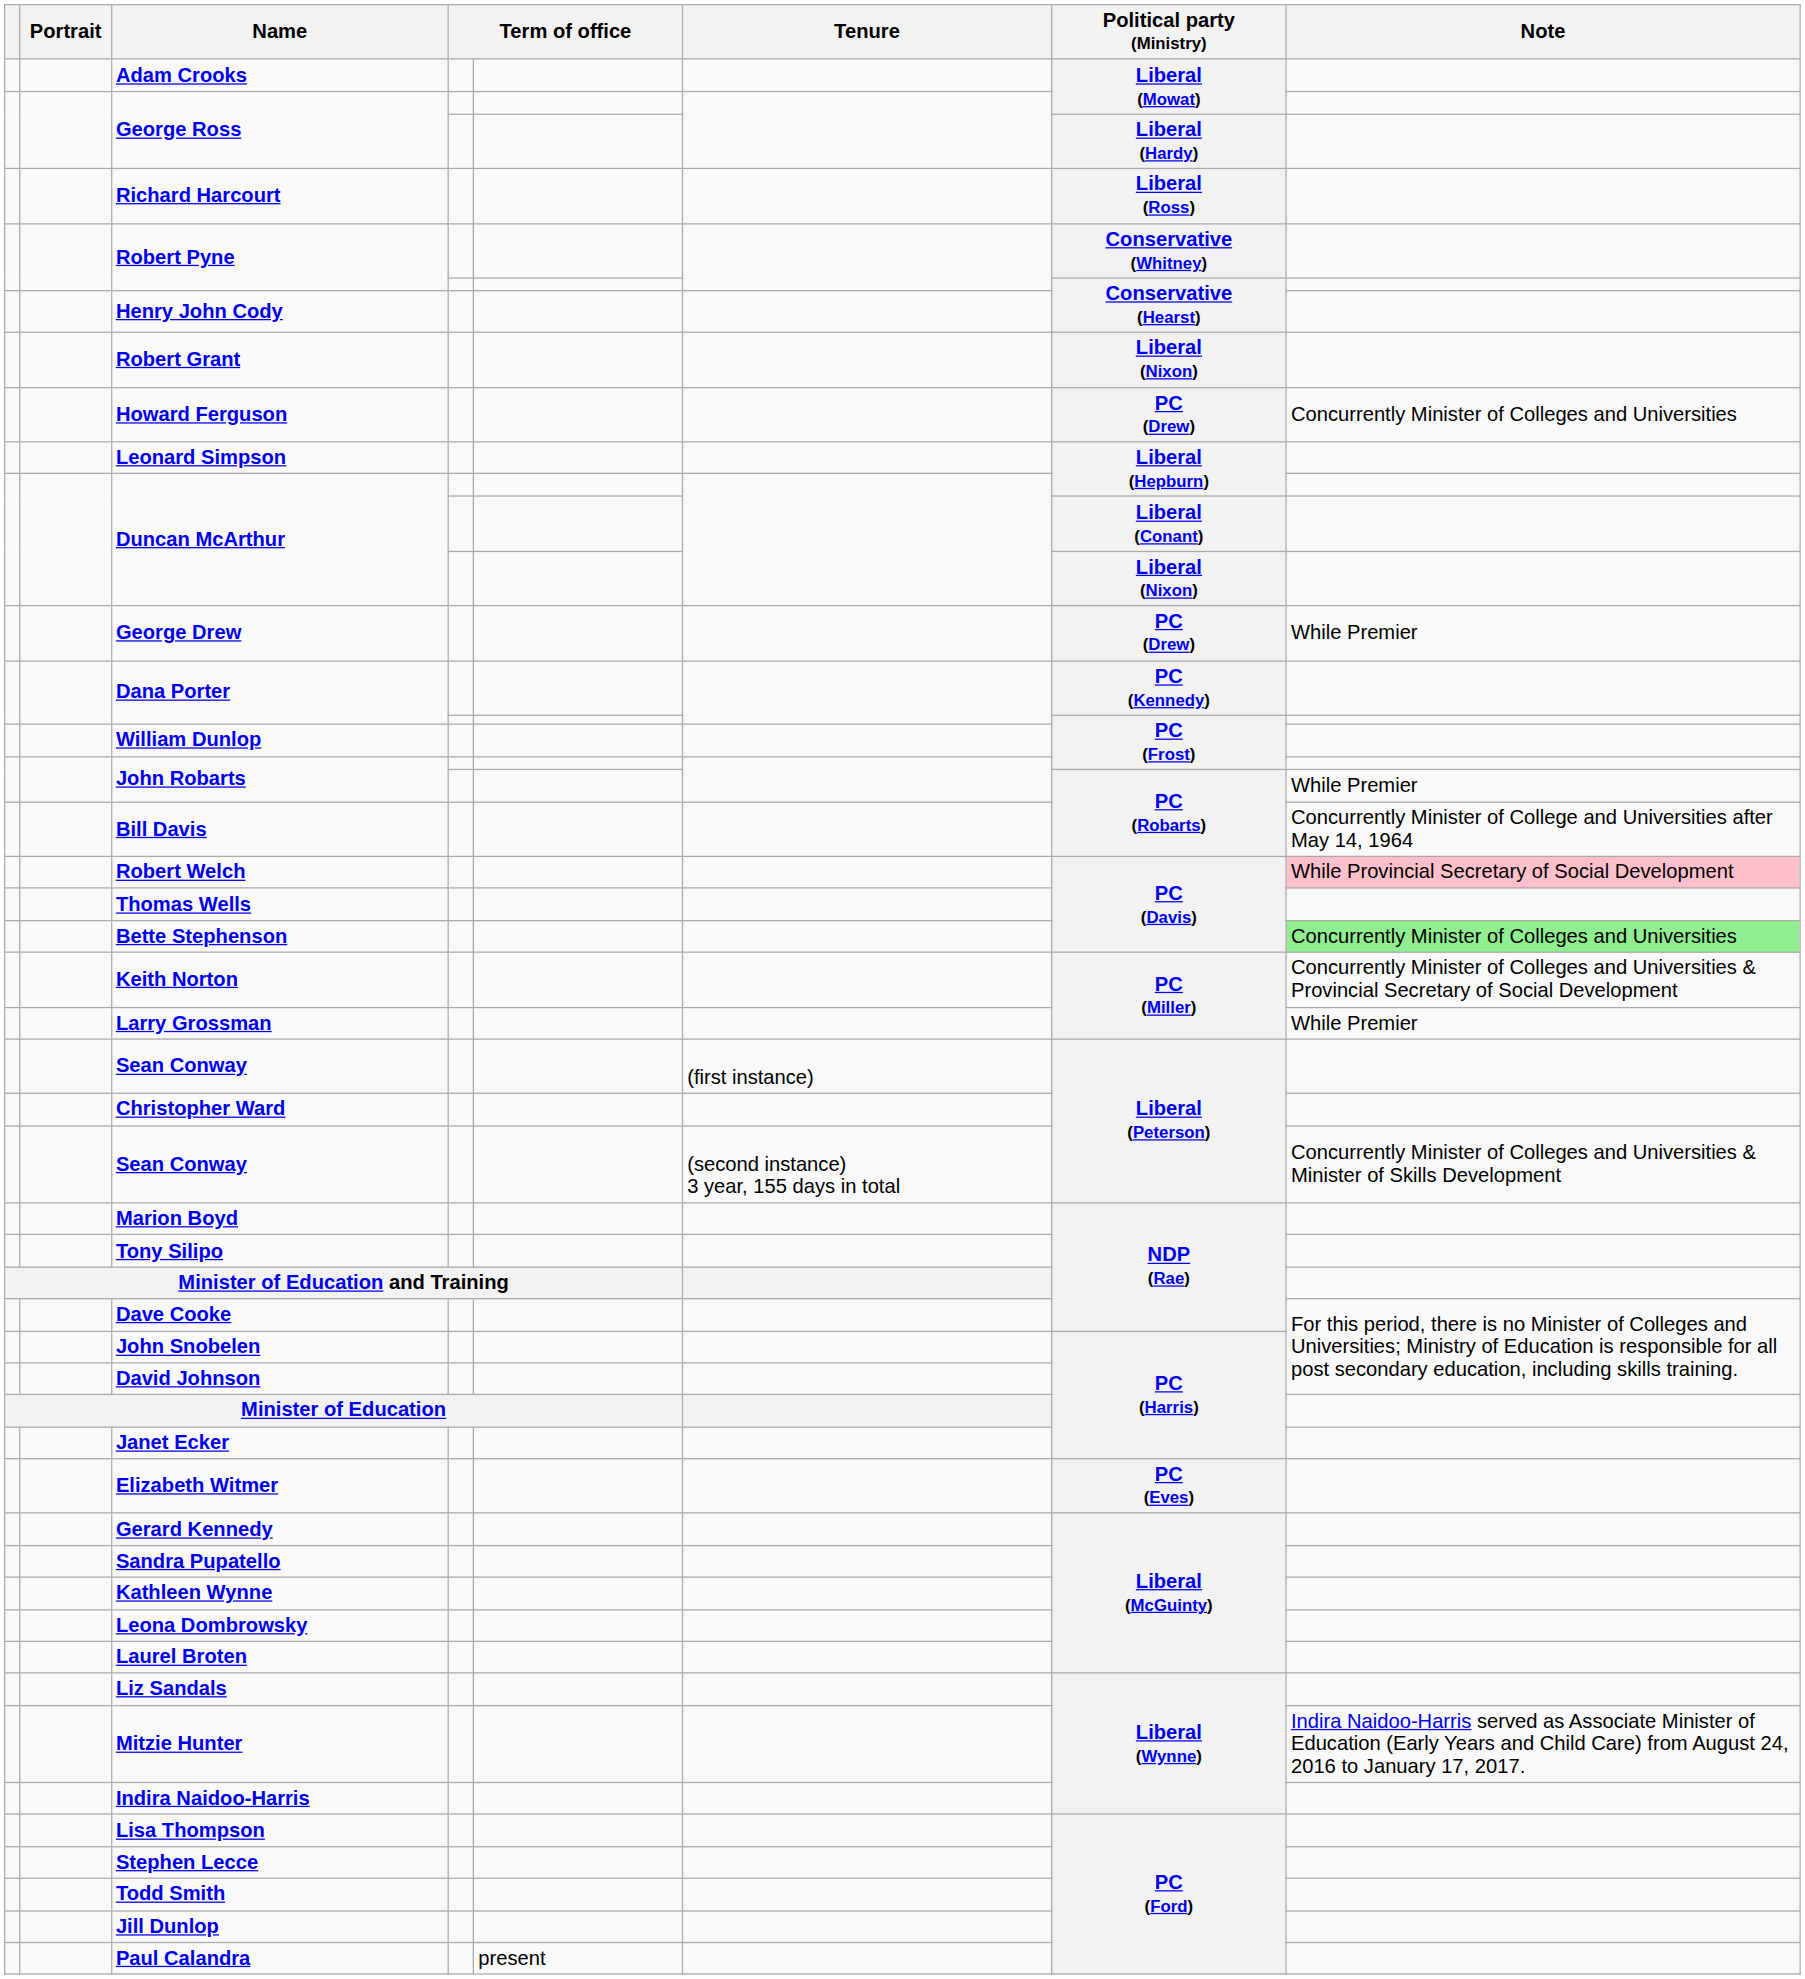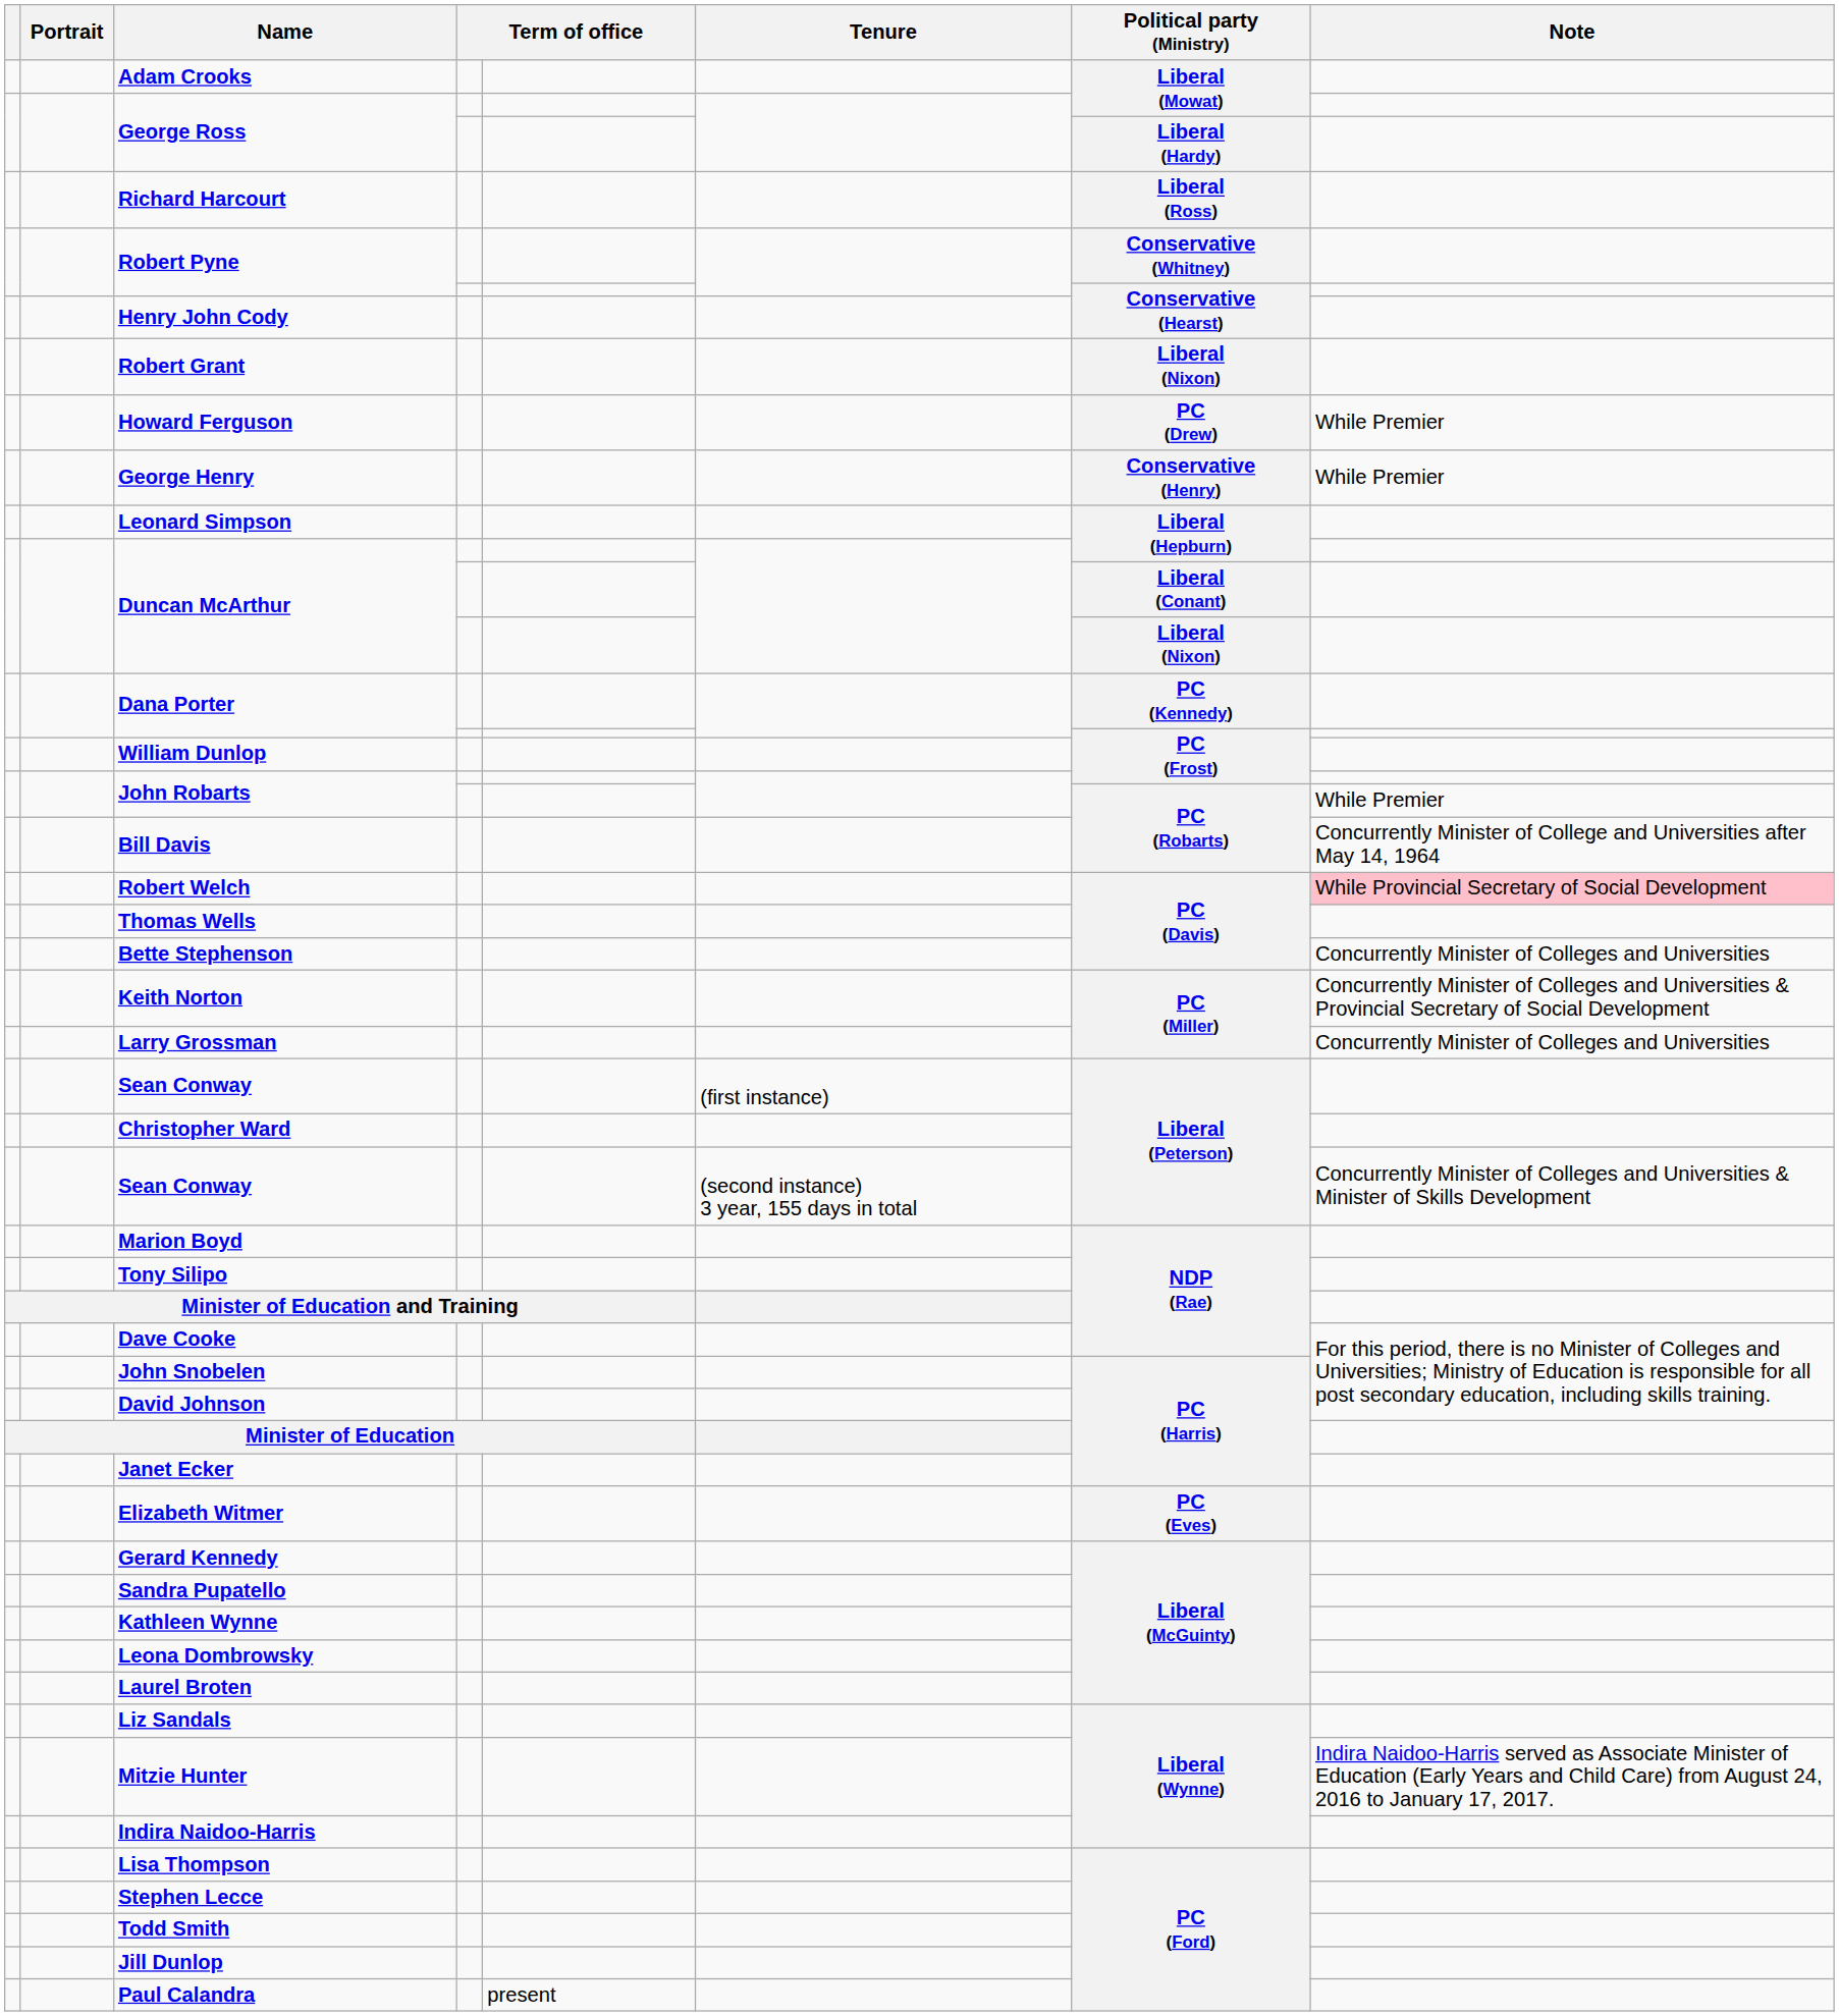 <table class="wikitable sortable" style="width: 90%">
 <tr>
 <th></th>
 <th style="width: 65px;">Portrait</th>
 <th>Name</th>
 <th colspan=2>Term of office</th>
 <th>Tenure</th>
 <th>Political party<br><small>(Ministry)</small></th>
 <th style="width: 400px;">Note</th>
 </tr>
 <tr>
 <td style="background:"></td>
 <td></td>
 <td><strong><a href='#'>Adam Crooks</a></strong></td>
 <td></td>
 <td></td>
 <td></td>
 <th rowspan=2; style="background:"><a href='#'>Liberal</a><br><small>(<a href='#'>Mowat</a>)</small></th>
 <td></td>
 </tr>
 <tr>
 <td rowspan=2; style="background:"></td>
 <td rowspan=2></td>
 <td rowspan=2><strong><a href='#'>George Ross</a></strong></td>
 <td></td>
 <td></td>
 <td rowspan=2></td>
 <td></td>
 </tr>
 <tr>
 <td></td>
 <td></td>
 <th style="background:"><a href='#'>Liberal</a><br><small>(<a href='#'>Hardy</a>)</small></th>
 <td></td>
 </tr>
 <tr>
 <td style="background:"></td>
 <td></td>
 <td><strong><a href='#'>Richard Harcourt</a></strong></td>
 <td></td>
 <td></td>
 <td></td>
 <th style="background:"><a href='#'>Liberal</a><br><small>(<a href='#'>Ross</a>)</small></th>
 <td></td>
 </tr>
 <tr>
 <td rowspan=2; style="background:"></td>
 <td rowspan=2></td>
 <td rowspan=2><strong><a href='#'>Robert Pyne</a></strong></td>
 <td></td>
 <td></td>
 <td rowspan=2></td>
 <th style="background:"><a href='#'>Conservative</a><br><small>(<a href='#'>Whitney</a>)</small></th>
 <td></td>
 </tr>
 <tr>
 <td></td>
 <td></td>
 <th rowspan=2; style="background:"><a href='#'>Conservative</a><br><small>(<a href='#'>Hearst</a>)</small></th>
 <td></td>
 </tr>
 <tr>
 <td style="background:"></td>
 <td></td>
 <td><strong><a href='#'>Henry John Cody</a></strong></td>
 <td></td>
 <td></td>
 <td></td>
 <td></td>
 </tr>
 <tr>
 <td style="background:"></td>
 <td></td>
 <td><strong><a href='#'>Robert Grant</a></strong></td>
 <td></td>
 <td></td>
 <td></td>
 <th style="background:"><a href='#'>Liberal</a><br><small>(<a href='#'>Nixon</a>)</small></th>
 <td></td>
 </tr>
 <tr>
 <td style="background:"></td>
 <td></td>
 <td><strong><a href='#'>Howard Ferguson</a></strong></td>
 <td></td>
 <td></td>
 <td></td>
 <th style="background:"><a href='#'>PC</a><br><small>(<a href='#'>Drew</a>)</small></th>
-<td>Concurrently Minister of Colleges and Universities</td>
+<td>While Premier</td>
+</tr>
+<tr>
+<td style="background:"></td>
+<td></td>
+<td><strong><a href='#'>George Henry</a></strong></td>
+<td></td>
+<td></td>
+<td></td>
+<th style="background:"><a href='#'>Conservative</a><br><small>(<a href='#'>Henry</a>)</small></th>
+<td>While Premier</td>
 </tr>
 <tr>
 <td style="background:"></td>
 <td></td>
 <td><strong><a href='#'>Leonard Simpson</a></strong></td>
 <td></td>
 <td></td>
 <td></td>
 <th rowspan=2; style="background:"><a href='#'>Liberal</a><br><small>(<a href='#'>Hepburn</a>)</small></th>
 <td></td>
 </tr>
 <tr>
 <td rowspan=3; style="background:"></td>
 <td rowspan=3></td>
 <td rowspan=3><strong><a href='#'>Duncan McArthur</a></strong></td>
 <td></td>
 <td></td>
 <td rowspan=3></td>
 <td></td>
 </tr>
 <tr>
 <td></td>
 <td></td>
 <th style="background:"><a href='#'>Liberal</a><br><small>(<a href='#'>Conant</a>)</small></th>
 <td></td>
 </tr>
 <tr>
 <td></td>
 <td></td>
 <th style="background:"><a href='#'>Liberal</a><br><small>(<a href='#'>Nixon</a>)</small></th>
 <td></td>
-</tr>
-<tr>
-<td style="background:"></td>
-<td></td>
-<td><strong><a href='#'>George Drew</a></strong></td>
-<td></td>
-<td></td>
-<td></td>
-<th style="background:"><a href='#'>PC</a><br><small>(<a href='#'>Drew</a>)</small></th>
-<td>While Premier</td>
 </tr>
 <tr>
 <td rowspan=2; style="background:"></td>
 <td rowspan=2></td>
 <td rowspan=2><strong><a href='#'>Dana Porter</a></strong></td>
 <td></td>
 <td></td>
 <td rowspan=2></td>
 <th style="background:"><a href='#'>PC</a><br><small>(<a href='#'>Kennedy</a>)</small></th>
 <td></td>
 </tr>
 <tr>
 <td></td>
 <td></td>
 <th rowspan=3; style="background:"><a href='#'>PC</a><br><small>(<a href='#'>Frost</a>)</small></th>
 <td></td>
 </tr>
 <tr>
 <td style="background:"></td>
 <td></td>
 <td><strong><a href='#'>William Dunlop</a></strong></td>
 <td></td>
 <td></td>
 <td></td>
 <td></td>
 </tr>
 <tr>
 <td rowspan=2; style="background:"></td>
 <td rowspan=2></td>
 <td rowspan=2><strong><a href='#'>John Robarts</a></strong></td>
 <td></td>
 <td></td>
 <td rowspan=2></td>
 <td></td>
 </tr>
 <tr>
 <td></td>
 <td></td>
 <th rowspan=2; style="background:"><a href='#'>PC</a><br><small>(<a href='#'>Robarts</a>)</small></th>
 <td>While Premier</td>
 </tr>
 <tr>
 <td style="background:"></td>
 <td></td>
 <td><strong><a href='#'>Bill Davis</a></strong></td>
 <td></td>
 <td></td>
 <td></td>
 <td>Concurrently Minister of College and Universities after May 14, 1964</td>
 </tr>
 <tr>
 <td style="background:"></td>
 <td></td>
 <td><strong><a href='#'>Robert Welch</a></strong></td>
 <td></td>
 <td></td>
 <td></td>
 <th rowspan=3; style="background:"><a href='#'>PC</a><br><small>(<a href='#'>Davis</a>)</small></th>
 <td style="background: pink;">While Provincial Secretary of Social Development</td>
 </tr>
 <tr>
 <td style="background:"></td>
 <td></td>
 <td><strong><a href='#'>Thomas Wells</a></strong></td>
 <td></td>
 <td></td>
 <td></td>
 <td></td>
 </tr>
 <tr>
 <td style="background:"></td>
 <td></td>
 <td><strong><a href='#'>Bette Stephenson</a></strong></td>
 <td></td>
 <td></td>
 <td></td>
-<td style="background: lightgreen;">Concurrently Minister of Colleges and Universities</td>
+<td>Concurrently Minister of Colleges and Universities</td>
 </tr>
 <tr>
 <td style="background:"></td>
 <td></td>
 <td><strong><a href='#'>Keith Norton</a></strong></td>
 <td></td>
 <td></td>
 <td></td>
 <th rowspan=2; style="background:"><a href='#'>PC</a><br><small>(<a href='#'>Miller</a>)</small></th>
 <td>Concurrently Minister of Colleges and Universities & Provincial Secretary of Social Development</td>
 </tr>
 <tr>
 <td style="background:"></td>
 <td></td>
 <td><strong><a href='#'>Larry Grossman</a></strong></td>
 <td></td>
 <td></td>
 <td></td>
-<td>While Premier</td>
+<td>Concurrently Minister of Colleges and Universities</td>
 </tr>
 <tr>
 <td style="background:"></td>
 <td></td>
 <td><strong><a href='#'>Sean Conway</a></strong></td>
 <td></td>
 <td></td>
 <td><br>(first instance)</td>
 <th rowspan=3; style="background:"><a href='#'>Liberal</a><br><small>(<a href='#'>Peterson</a>)</small></th>
 <td></td>
 </tr>
 <tr>
 <td style="background:"></td>
 <td></td>
 <td><strong><a href='#'>Christopher Ward</a></strong></td>
 <td></td>
 <td></td>
 <td></td>
 <td></td>
 </tr>
 <tr>
 <td style="background:"></td>
 <td></td>
 <td><strong><a href='#'>Sean Conway</a></strong></td>
 <td></td>
 <td></td>
 <td><br>(second instance)<br>3 year, 155 days in total</td>
 <td>Concurrently Minister of Colleges and Universities & Minister of Skills Development</td>
 </tr>
 <tr>
 <td style="background:"></td>
 <td></td>
 <td><strong><a href='#'>Marion Boyd</a></strong></td>
 <td></td>
 <td></td>
 <td></td>
 <th rowspan=4 ; style="background:"><a href='#'>NDP</a><br><small>(<a href='#'>Rae</a>)</small></th>
 <td></td>
 </tr>
 <tr>
 <td style="background:"></td>
 <td></td>
 <td><strong><a href='#'>Tony Silipo</a></strong></td>
 <td></td>
 <td></td>
 <td></td>
 <td></td>
 </tr>
 <tr>
 <th colspan=5><strong><a href='#'>Minister of Education</a> and Training </strong></th>
 <th></th>
 </tr>
 <tr>
 <td style="background:"></td>
 <td></td>
 <td><strong><a href='#'>Dave Cooke</a></strong></td>
 <td></td>
 <td></td>
 <td></td>
 <td rowspan=3>For this period, there is no Minister of Colleges and Universities; Ministry of Education is responsible for all post secondary education, including skills training.</td>
 </tr>
 <tr>
 <td style="background:"></td>
 <td></td>
 <td><strong><a href='#'>John Snobelen</a></strong></td>
 <td></td>
 <td></td>
 <td></td>
 <th rowspan=4 ; style="background:"><a href='#'>PC</a><br><small>(<a href='#'>Harris</a>)</small></th>
 </tr>
 <tr>
 <td style="background:"></td>
 <td></td>
 <td><strong><a href='#'>David Johnson</a></strong></td>
 <td></td>
 <td></td>
 <td></td>
 </tr>
 <tr>
 <th colspan=5><strong><a href='#'>Minister of Education</a></strong></th>
 <th></th>
 </tr>
 <tr>
 <td style="background:"></td>
 <td></td>
 <td><strong><a href='#'>Janet Ecker</a></strong></td>
 <td></td>
 <td></td>
 <td></td>
 <td></td>
 </tr>
 <tr>
 <td style="background:"></td>
 <td></td>
 <td><strong><a href='#'>Elizabeth Witmer</a></strong></td>
 <td></td>
 <td></td>
 <td></td>
 <th style="background:"><a href='#'>PC</a><br><small>(<a href='#'>Eves</a>)</small></th>
 <td></td>
 </tr>
 <tr>
 <td style="background:"></td>
 <td></td>
 <td><strong><a href='#'>Gerard Kennedy</a></strong></td>
 <td></td>
 <td></td>
 <td></td>
 <th rowspan=5; style="background:"><a href='#'>Liberal</a><br><small>(<a href='#'>McGuinty</a>)</small></th>
 <td></td>
 </tr>
 <tr>
 <td style="background:"></td>
 <td></td>
 <td><strong><a href='#'>Sandra Pupatello</a></strong></td>
 <td></td>
 <td></td>
 <td></td>
 <td></td>
 </tr>
 <tr>
 <td style="background:"></td>
 <td></td>
 <td><strong><a href='#'>Kathleen Wynne</a></strong></td>
 <td></td>
 <td></td>
 <td></td>
 <td></td>
 </tr>
 <tr>
 <td style="background:"></td>
 <td></td>
 <td><strong><a href='#'>Leona Dombrowsky</a></strong></td>
 <td></td>
 <td></td>
 <td></td>
 <td></td>
 </tr>
 <tr>
 <td style="background:"></td>
 <td></td>
 <td><strong><a href='#'>Laurel Broten</a></strong></td>
 <td></td>
 <td></td>
 <td></td>
 <td></td>
 </tr>
 <tr>
 <td style="background:"></td>
 <td></td>
 <td><strong><a href='#'>Liz Sandals</a></strong></td>
 <td></td>
 <td></td>
 <td></td>
 <th rowspan=3; style="background:"><a href='#'>Liberal</a><br><small>(<a href='#'>Wynne</a>)</small></th>
 <td></td>
 </tr>
 <tr>
 <td style="background:"></td>
 <td></td>
 <td><strong><a href='#'>Mitzie Hunter</a></strong></td>
 <td></td>
 <td></td>
 <td></td>
 <td><a href='#'>Indira Naidoo-Harris</a> served as Associate Minister of Education (Early Years and Child Care) from August 24, 2016 to January 17, 2017.</td>
 </tr>
 <tr>
 <td style="background:"></td>
 <td></td>
 <td><strong><a href='#'>Indira Naidoo-Harris</a></strong></td>
 <td></td>
 <td></td>
 <td></td>
 <td></td>
 </tr>
 <tr>
 <td style="background:"></td>
 <td></td>
 <td><strong><a href='#'>Lisa Thompson</a></strong></td>
 <td></td>
 <td></td>
 <td></td>
 <th rowspan=5; style="background:"><a href='#'>PC</a><br><small>(<a href='#'>Ford</a>)</small></th>
 <td></td>
 </tr>
 <tr>
 <td style="background:"></td>
 <td></td>
 <td><strong><a href='#'>Stephen Lecce</a></strong></td>
 <td></td>
 <td></td>
 <td></td>
 <td></td>
 </tr>
 <tr>
 <td style="background:"></td>
 <td></td>
 <td><strong><a href='#'>Todd Smith</a></strong></td>
 <td></td>
 <td></td>
 <td></td>
 <td></td>
 </tr>
 <tr>
 <td style="background:"></td>
 <td></td>
 <td><strong><a href='#'>Jill Dunlop</a></strong></td>
 <td></td>
 <td></td>
 <td></td>
 <td></td>
 </tr>
 <tr>
 <td style="background:"></td>
 <td></td>
 <td><strong><a href='#'>Paul Calandra</a></strong></td>
 <td></td>
 <td>present</td>
 <td></td>
 <td></td>
 </tr>
 </table>
